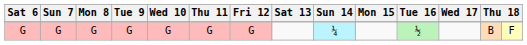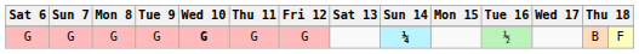 <table class="wikitable" style="margin:0.5em auto; font-size:90%; line-height:1.25em;">
 <tr align="center">
 <th>Sat 6</th>
 <th>Sun 7</th>
 <th>Mon 8</th>
 <th>Tue 9</th>
 <th>Wed 10</th>
 <th>Thu 11</th>
 <th>Fri 12</th>
 <th>Sat 13</th>
 <th>Sun 14</th>
 <th>Mon 15</th>
 <th>Tue 16</th>
 <th>Wed 17</th>
 <th colspan="2">Thu 18</th>
 </tr>
 <tr>
 </tr>
 <tr align="center">
 <td bgcolor="#FFBBBB">G</td>
 <td bgcolor="#FFBBBB">G</td>
 <td bgcolor="#FFBBBB">G</td>
 <td bgcolor="#FFBBBB">G</td>
-<td bgcolor="#FFBBBB">G</td>
+<td bgcolor="#FFBBBB"><strong>G</strong></td>
 <td bgcolor="#FFBBBB">G</td>
 <td bgcolor="#FFBBBB">G</td>
 <td></td>
-<td bgcolor="#BBF3FF">¼</td>
+<td bgcolor="#BBF3FF"><strong>¼</strong></td>
 <td></td>
 <td bgcolor="#BBF3BB">½</td>
 <td></td>
 <td bgcolor="#FEDCBA">B</td>
 <td bgcolor="#FFFFBB">F</td>
 </tr>
 </table>
